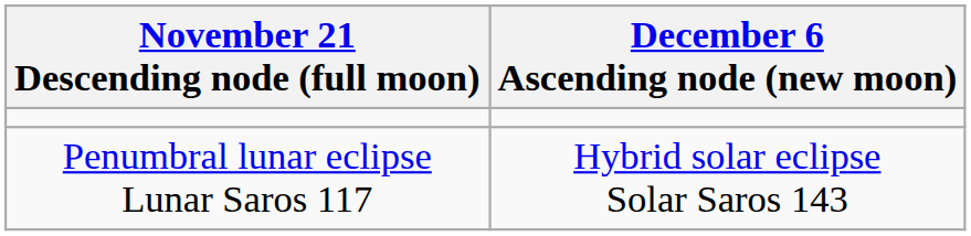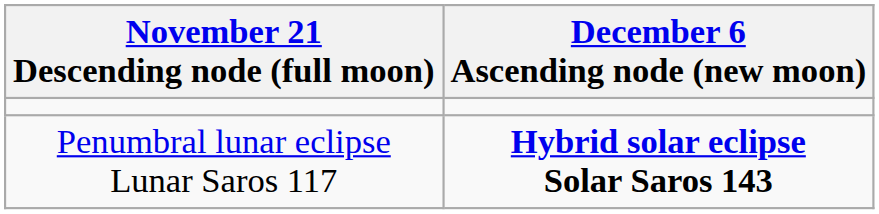 <table class="wikitable">
 <tr>
 <th><a href='#'>November 21</a><br>Descending node (full moon)<br></th>
 <th><a href='#'>December 6</a><br>Ascending node (new moon)<br></th>
 </tr>
 <tr>
 <td></td>
 <td></td>
 </tr>
 <tr align=center>
 <td><a href='#'>Penumbral lunar eclipse</a><br>Lunar Saros 117</td>
-<td><a href='#'>Hybrid solar eclipse</a><br>Solar Saros 143</td>
+<td><strong><a href='#'>Hybrid solar eclipse</a><br>Solar Saros 143</strong></td>
 </tr>
 </table>
